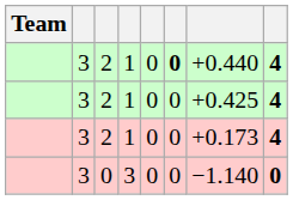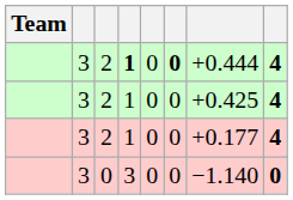 <table class="wikitable" style="text-align:center">
 <tr style="tittlebackground:lightblue;">
 <th>Team</th>
 <th></th>
 <th></th>
 <th></th>
 <th></th>
 <th></th>
 <th></th>
 <th></th>
 </tr>
 <tr style="background:#cfc;">
 <td style="text-align:left"></td>
 <td>3</td>
 <td>2</td>
-<td>1</td>
+<td><strong>1</strong></td>
 <td>0</td>
 <td><strong>0</strong></td>
-<td>+0.440</td>
+<td>+0.444</td>
 <td><strong>4</strong></td>
 </tr>
 <tr style="background:#cfc;">
 <td style="text-align:left"></td>
 <td>3</td>
 <td>2</td>
 <td>1</td>
 <td>0</td>
 <td>0</td>
 <td>+0.425</td>
 <td><strong>4</strong></td>
 </tr>
 <tr style="background:#fcc;">
 <td style="text-align:left"></td>
 <td>3</td>
 <td>2</td>
 <td>1</td>
 <td>0</td>
 <td>0</td>
-<td>+0.173</td>
+<td>+0.177</td>
 <td><strong>4</strong></td>
 </tr>
 <tr style="background:#fcc;">
 <td style="text-align:left"></td>
 <td>3</td>
 <td>0</td>
 <td>3</td>
 <td>0</td>
 <td>0</td>
 <td>−1.140</td>
 <td><strong>0</strong></td>
 </tr>
 </table>
